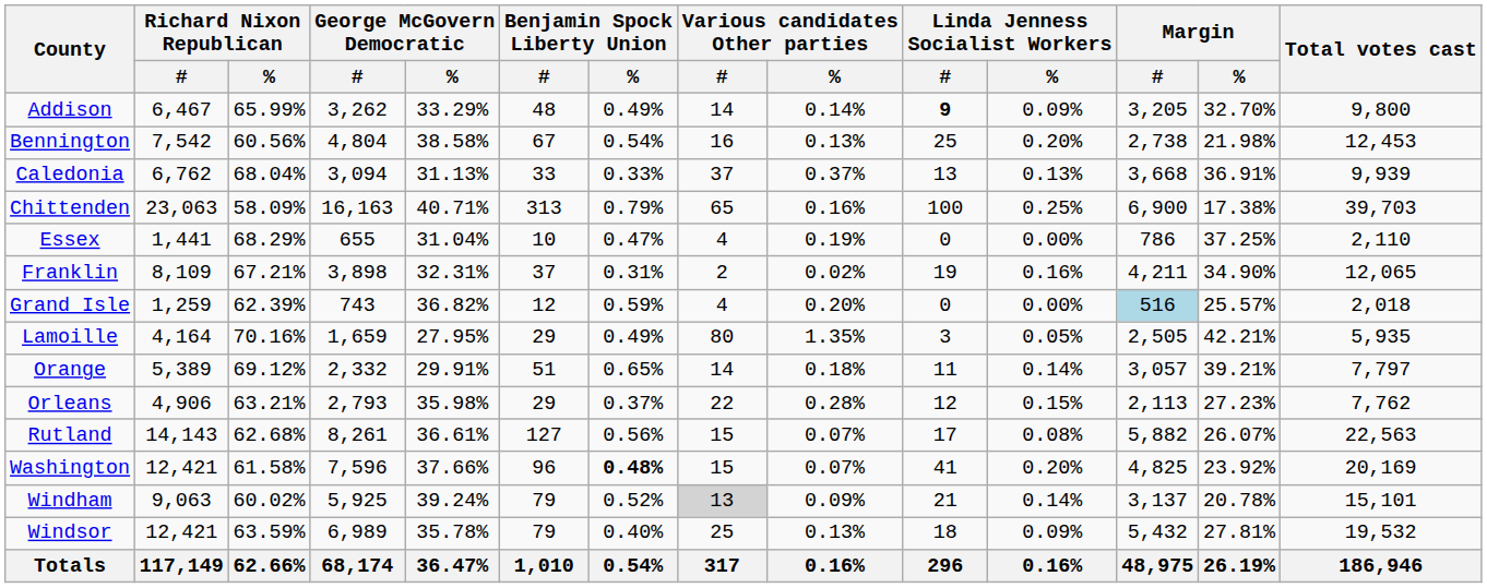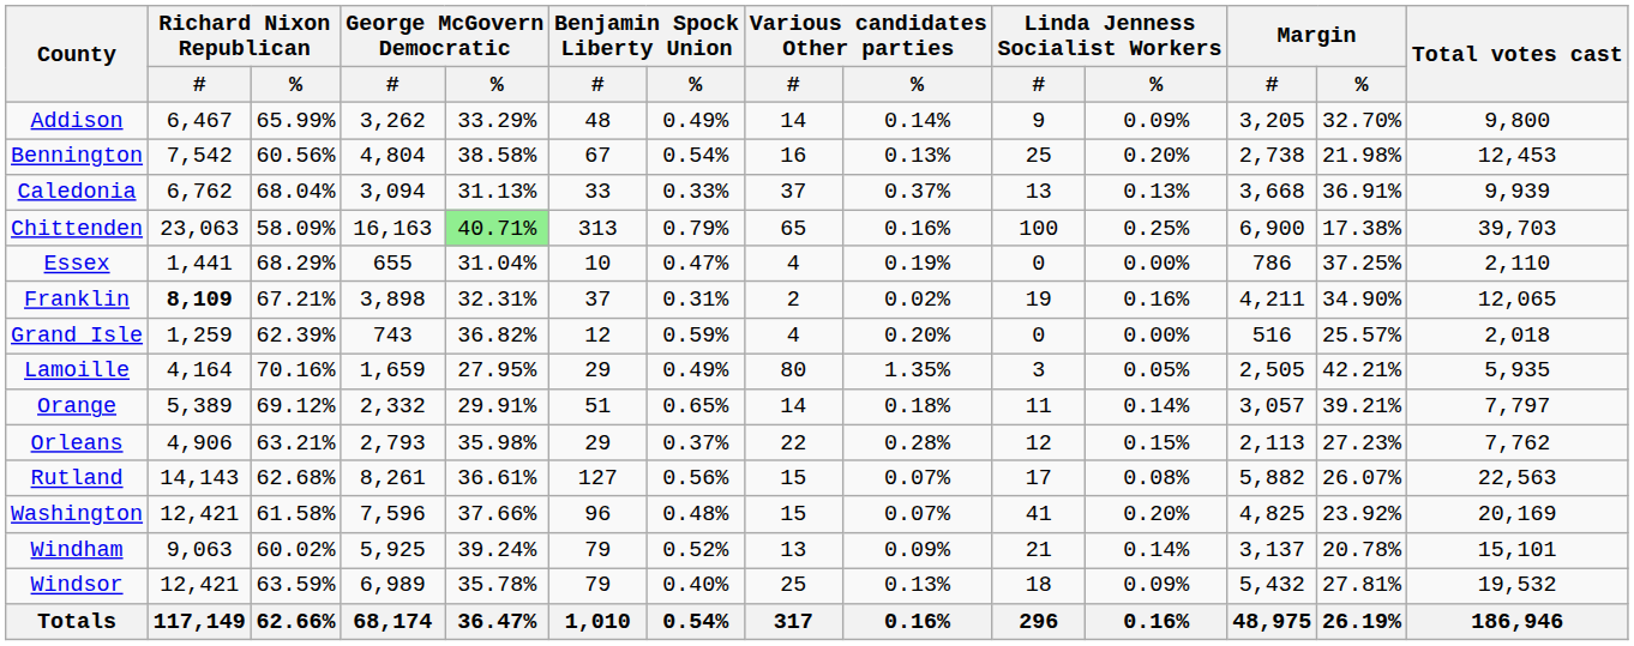 <table class="wikitable sortable">
 <tr>
 <th rowspan="2">County</th>
 <th colspan="2">Richard Nixon<br>Republican</th>
 <th colspan="2">George McGovern<br>Democratic</th>
 <th colspan="2">Benjamin Spock<br>Liberty Union</th>
 <th colspan="2">Various candidates<br>Other parties</th>
 <th colspan="2">Linda Jenness<br>Socialist Workers</th>
 <th colspan="2">Margin</th>
 <th rowspan="2">Total votes cast</th>
 </tr>
 <tr>
 <th style="text-align:center;" data-sort-type="number">#</th>
 <th style="text-align:center;" data-sort-type="number">%</th>
 <th style="text-align:center;" data-sort-type="number">#</th>
 <th style="text-align:center;" data-sort-type="number">%</th>
 <th style="text-align:center;" data-sort-type="number">#</th>
 <th style="text-align:center;" data-sort-type="number">%</th>
 <th style="text-align:center;" data-sort-type="number">#</th>
 <th style="text-align:center;" data-sort-type="number">%</th>
 <th style="text-align:center;" data-sort-type="number">#</th>
 <th style="text-align:center;" data-sort-type="number">%</th>
 <th style="text-align:center;" data-sort-type="number">#</th>
 <th style="text-align:center;" data-sort-type="number">%</th>
 </tr>
 <tr style="text-align:center;">
 <td><a href='#'>Addison</a></td>
 <td>6,467</td>
 <td>65.99%</td>
 <td>3,262</td>
 <td>33.29%</td>
 <td>48</td>
 <td>0.49%</td>
 <td>14</td>
 <td>0.14%</td>
-<td><strong>9</strong></td>
+<td>9</td>
 <td>0.09%</td>
 <td>3,205</td>
 <td>32.70%</td>
 <td>9,800</td>
 </tr>
 <tr style="text-align:center;">
 <td><a href='#'>Bennington</a></td>
 <td>7,542</td>
 <td>60.56%</td>
 <td>4,804</td>
 <td>38.58%</td>
 <td>67</td>
 <td>0.54%</td>
 <td>16</td>
 <td>0.13%</td>
 <td>25</td>
 <td>0.20%</td>
 <td>2,738</td>
 <td>21.98%</td>
 <td>12,453</td>
 </tr>
 <tr style="text-align:center;">
 <td><a href='#'>Caledonia</a></td>
 <td>6,762</td>
 <td>68.04%</td>
 <td>3,094</td>
 <td>31.13%</td>
 <td>33</td>
 <td>0.33%</td>
 <td>37</td>
 <td>0.37%</td>
 <td>13</td>
 <td>0.13%</td>
 <td>3,668</td>
 <td>36.91%</td>
 <td>9,939</td>
 </tr>
 <tr style="text-align:center;">
 <td><a href='#'>Chittenden</a></td>
 <td>23,063</td>
 <td>58.09%</td>
 <td>16,163</td>
-<td>40.71%</td>
+<td style="background: lightgreen;">40.71%</td>
 <td>313</td>
 <td>0.79%</td>
 <td>65</td>
 <td>0.16%</td>
 <td>100</td>
 <td>0.25%</td>
 <td>6,900</td>
 <td>17.38%</td>
 <td>39,703</td>
 </tr>
 <tr style="text-align:center;">
 <td><a href='#'>Essex</a></td>
 <td>1,441</td>
 <td>68.29%</td>
 <td>655</td>
 <td>31.04%</td>
 <td>10</td>
 <td>0.47%</td>
 <td>4</td>
 <td>0.19%</td>
 <td>0</td>
 <td>0.00%</td>
 <td>786</td>
 <td>37.25%</td>
 <td>2,110</td>
 </tr>
 <tr style="text-align:center;">
 <td><a href='#'>Franklin</a></td>
-<td>8,109</td>
+<td><strong>8,109</strong></td>
 <td>67.21%</td>
 <td>3,898</td>
 <td>32.31%</td>
 <td>37</td>
 <td>0.31%</td>
 <td>2</td>
 <td>0.02%</td>
 <td>19</td>
 <td>0.16%</td>
 <td>4,211</td>
 <td>34.90%</td>
 <td>12,065</td>
 </tr>
 <tr style="text-align:center;">
 <td><a href='#'>Grand Isle</a></td>
 <td>1,259</td>
 <td>62.39%</td>
 <td>743</td>
 <td>36.82%</td>
 <td>12</td>
 <td>0.59%</td>
 <td>4</td>
 <td>0.20%</td>
 <td>0</td>
 <td>0.00%</td>
-<td style="background: lightblue;">516</td>
+<td>516</td>
 <td>25.57%</td>
 <td>2,018</td>
 </tr>
 <tr style="text-align:center;">
 <td><a href='#'>Lamoille</a></td>
 <td>4,164</td>
 <td>70.16%</td>
 <td>1,659</td>
 <td>27.95%</td>
 <td>29</td>
 <td>0.49%</td>
 <td>80</td>
 <td>1.35%</td>
 <td>3</td>
 <td>0.05%</td>
 <td>2,505</td>
 <td>42.21%</td>
 <td>5,935</td>
 </tr>
 <tr style="text-align:center;">
 <td><a href='#'>Orange</a></td>
 <td>5,389</td>
 <td>69.12%</td>
 <td>2,332</td>
 <td>29.91%</td>
 <td>51</td>
 <td>0.65%</td>
 <td>14</td>
 <td>0.18%</td>
 <td>11</td>
 <td>0.14%</td>
 <td>3,057</td>
 <td>39.21%</td>
 <td>7,797</td>
 </tr>
 <tr style="text-align:center;">
 <td><a href='#'>Orleans</a></td>
 <td>4,906</td>
 <td>63.21%</td>
 <td>2,793</td>
 <td>35.98%</td>
 <td>29</td>
 <td>0.37%</td>
 <td>22</td>
 <td>0.28%</td>
 <td>12</td>
 <td>0.15%</td>
 <td>2,113</td>
 <td>27.23%</td>
 <td>7,762</td>
 </tr>
 <tr style="text-align:center;">
 <td><a href='#'>Rutland</a></td>
 <td>14,143</td>
 <td>62.68%</td>
 <td>8,261</td>
 <td>36.61%</td>
 <td>127</td>
 <td>0.56%</td>
 <td>15</td>
 <td>0.07%</td>
 <td>17</td>
 <td>0.08%</td>
 <td>5,882</td>
 <td>26.07%</td>
 <td>22,563</td>
 </tr>
 <tr style="text-align:center;">
 <td><a href='#'>Washington</a></td>
 <td>12,421</td>
 <td>61.58%</td>
 <td>7,596</td>
 <td>37.66%</td>
 <td>96</td>
-<td><strong>0.48%</strong></td>
+<td>0.48%</td>
 <td>15</td>
 <td>0.07%</td>
 <td>41</td>
 <td>0.20%</td>
 <td>4,825</td>
 <td>23.92%</td>
 <td>20,169</td>
 </tr>
 <tr style="text-align:center;">
 <td><a href='#'>Windham</a></td>
 <td>9,063</td>
 <td>60.02%</td>
 <td>5,925</td>
 <td>39.24%</td>
 <td>79</td>
 <td>0.52%</td>
-<td style="background: lightgrey;">13</td>
+<td>13</td>
 <td>0.09%</td>
 <td>21</td>
 <td>0.14%</td>
 <td>3,137</td>
 <td>20.78%</td>
 <td>15,101</td>
 </tr>
 <tr style="text-align:center;">
 <td><a href='#'>Windsor</a></td>
 <td>12,421</td>
 <td>63.59%</td>
 <td>6,989</td>
 <td>35.78%</td>
 <td>79</td>
 <td>0.40%</td>
 <td>25</td>
 <td>0.13%</td>
 <td>18</td>
 <td>0.09%</td>
 <td>5,432</td>
 <td>27.81%</td>
 <td>19,532</td>
 </tr>
 <tr>
 <th>Totals</th>
 <th>117,149</th>
 <th>62.66%</th>
 <th>68,174</th>
 <th>36.47%</th>
 <th>1,010</th>
 <th>0.54%</th>
 <th>317</th>
 <th>0.16%</th>
 <th>296</th>
 <th>0.16%</th>
 <th>48,975</th>
 <th>26.19%</th>
 <th>186,946</th>
 </tr>
 </table>
